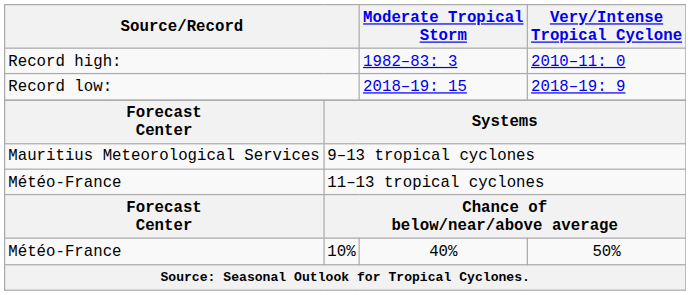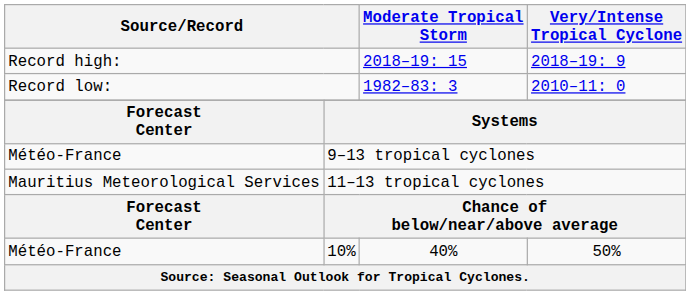 <table class="wikitable" align="right" style="margin:0 0 0.5em 1em;">
 <tr>
 <th colspan=2>Source/Record</th>
 <th><a href='#'>Moderate Tropical<br>Storm</a></th>
 <th><a href='#'>Very/Intense<br>Tropical Cyclone</a></th>
 </tr>
 <tr>
 <td colspan=2>Record high:</td>
-<td><a href='#'>1982–83: 3</a></td>
-<td><a href='#'>2010–11: 0</a></td>
+<td><a href='#'>2018–19: 15</a></td>
+<td><a href='#'>2018–19: 9</a></td>
 </tr>
 <tr>
 <td colspan=2>Record low:</td>
-<td><a href='#'>2018–19: 15</a></td>
-<td><a href='#'>2018–19: 9</a></td>
+<td><a href='#'>1982–83: 3</a></td>
+<td><a href='#'>2010–11: 0</a></td>
 </tr>
 <tr>
 </tr>
 <tr>
 <th>Forecast<br>Center</th>
 <th colspan=4>Systems</th>
 </tr>
 <tr>
-<td>Mauritius Meteorological Services</td>
+<td>Météo-France</td>
 <td colspan=4>9–13 tropical cyclones</td>
 </tr>
 <tr>
-<td>Météo-France</td>
+<td>Mauritius Meteorological Services</td>
 <td colspan=4>11–13 tropical cyclones</td>
 </tr>
 <tr>
 <th>Forecast<br>Center</th>
 <th colspan=3>Chance of<br>below/near/above average</th>
 </tr>
 <tr>
 <td>Météo-France</td>
 <td style="text-align:center;">10%</td>
 <td style="text-align:center;">40%</td>
 <td style="text-align:center;">50%</td>
 </tr>
 <tr>
 <th colspan="5"><small>Source: Seasonal Outlook for Tropical Cyclones.</small></th>
 </tr>
 </table>
